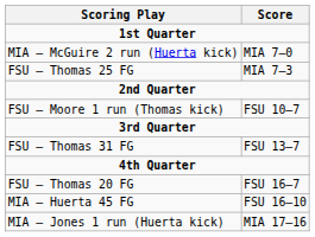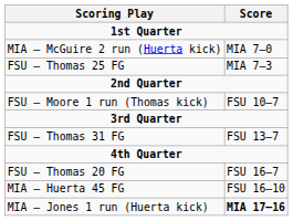 <table class="wikitable">
 <tr>
 <th>Scoring Play</th>
 <th>Score</th>
 </tr>
 <tr>
 <td colspan="4" align="center"><strong>1st Quarter</strong></td>
 </tr>
 <tr>
 <td>MIA – McGuire 2 run (<a href='#'>Huerta</a> kick)</td>
 <td>MIA 7–0</td>
 </tr>
 <tr>
 <td>FSU – Thomas 25 FG</td>
 <td>MIA 7–3</td>
 </tr>
 <tr>
 <td colspan="4" align="center"><strong>2nd Quarter</strong></td>
 </tr>
 <tr>
 <td>FSU – Moore 1 run (Thomas kick)</td>
 <td>FSU 10–7</td>
 </tr>
 <tr>
 <td colspan="6" align="center"><strong>3rd Quarter</strong></td>
 </tr>
 <tr>
 <td>FSU – Thomas 31 FG</td>
 <td>FSU 13–7</td>
 </tr>
 <tr>
 <td colspan="6" align="center"><strong>4th Quarter</strong></td>
 </tr>
 <tr>
 <td>FSU – Thomas 20 FG</td>
 <td>FSU 16–7</td>
 </tr>
 <tr>
 <td>MIA – Huerta 45 FG</td>
 <td>FSU 16–10</td>
 </tr>
 <tr>
 <td>MIA – Jones 1 run (Huerta kick)</td>
-<td>MIA 17–16</td>
+<td><strong>MIA 17–16</strong></td>
 </tr>
 </table>
